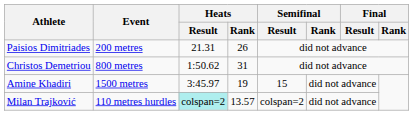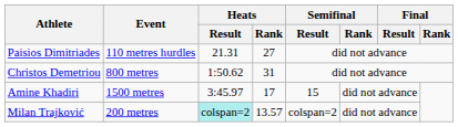 <table class="wikitable" border="1" style="font-size:90%">
 <tr>
 <th rowspan="2">Athlete</th>
 <th rowspan="2">Event</th>
 <th colspan="2">Heats</th>
 <th colspan="2">Semifinal</th>
 <th colspan="2">Final</th>
 </tr>
 <tr>
 <th>Result</th>
 <th>Rank</th>
 <th>Result</th>
 <th>Rank</th>
 <th>Result</th>
 <th>Rank</th>
 </tr>
 <tr align=center>
 <td align=left><a href='#'>Paisios Dimitriades</a></td>
-<td align=left><a href='#'>200 metres</a></td>
+<td align=left><a href='#'>110 metres hurdles</a></td>
 <td>21.31</td>
-<td>26</td>
+<td>27</td>
 <td align=center colspan=4>did not advance</td>
 </tr>
 <tr align=center>
 <td align=left><a href='#'>Christos Demetriou</a></td>
 <td align=left><a href='#'>800 metres</a></td>
 <td>1:50.62</td>
 <td>31</td>
 <td align=center colspan=4>did not advance</td>
 </tr>
 <tr align=center>
 <td align=left><a href='#'>Amine Khadiri</a></td>
 <td align=left><a href='#'>1500 metres</a></td>
 <td>3:45.97</td>
-<td>19</td>
+<td>17</td>
 <td>15</td>
 <td align=center colspan=2>did not advance</td>
 </tr>
 <tr align=center>
 <td align=left><a href='#'>Milan Trajković</a></td>
-<td align=left><a href='#'>110 metres hurdles</a></td>
+<td align=left><a href='#'>200 metres</a></td>
 <td style="background: paleturquoise;">colspan=2</td>
 <td>13.57</td>
 <td>colspan=2</td>
 <td align=center colspan=2>did not advance</td>
 </tr>
 </table>
